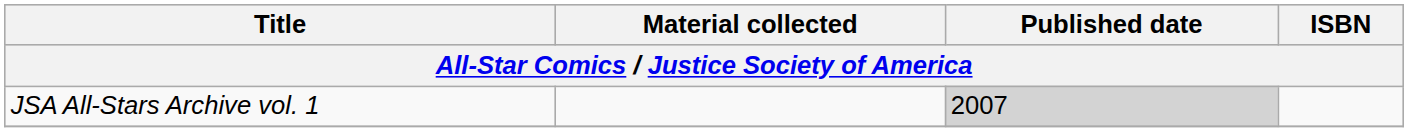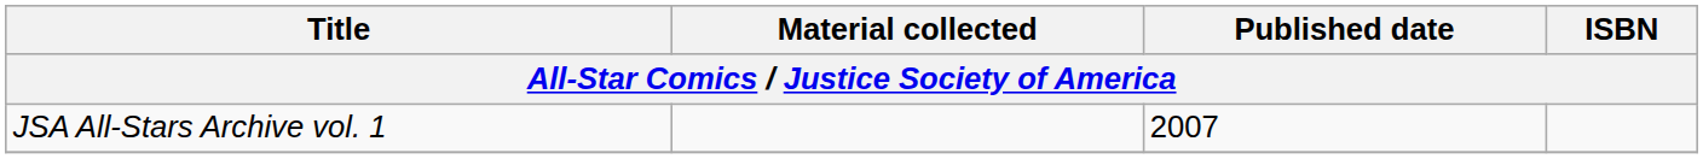 <table class="wikitable sortable" width=99%>
 <tr>
 <th>Title</th>
 <th>Material collected</th>
 <th>Published date</th>
 <th>ISBN</th>
 </tr>
 <tr>
 <th colspan="4"><em><a href='#'>All-Star Comics</a> / <a href='#'>Justice Society of America</a></em></th>
 </tr>
 <tr>
 <td><em>JSA All-Stars Archive vol. 1</em></td>
 <td></td>
-<td style="background: lightgrey;">2007</td>
+<td>2007</td>
 <td></td>
 </tr>
 <tr>
 </tr>
 </table>
